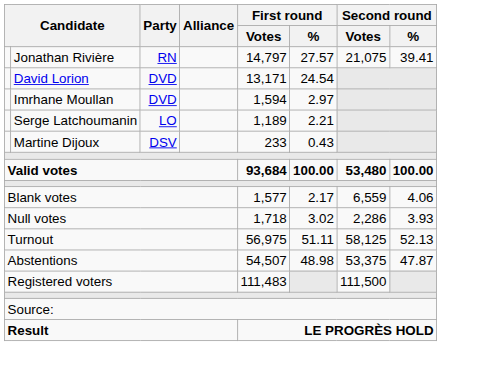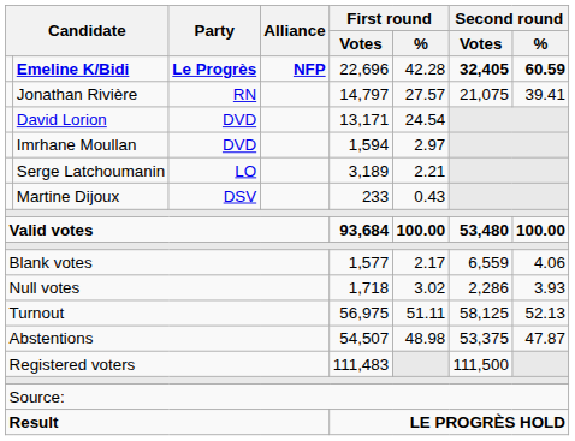 <table class="wikitable" style="text-align:right;font-size:95%;">
 <tr>
 <th colspan="2" rowspan="2">Candidate</th>
 <th colspan="1" rowspan="2">Party</th>
 <th colspan="1" rowspan="2">Alliance</th>
 <th colspan="2">First round</th>
 <th colspan="2">Second round</th>
 </tr>
 <tr>
 <th style="width:50px;">Votes</th>
 <th style="width:45px;">%</th>
 <th style="width:50px;">Votes</th>
 <th style="width:45px;">%</th>
+</tr>
+<tr>
+<td style="color:inherit;background:"></td>
+<td style="text-align:left;"><strong><a href='#'>Emeline K/Bidi</a></strong></td>
+<td><strong><a href='#'>Le Progrès</a></strong></td>
+<td><a href='#'><strong>NFP</strong></a></td>
+<td>22,696</td>
+<td>42.28</td>
+<td><strong>32,405</strong></td>
+<td><strong>60.59</strong></td>
 </tr>
 <tr>
 <td style="color:inherit;background:"></td>
 <td style="text-align:left;">Jonathan Rivière</td>
 <td><a href='#'>RN</a></td>
 <td></td>
 <td>14,797</td>
 <td>27.57</td>
 <td>21,075</td>
 <td>39.41</td>
 </tr>
 <tr>
 <td style="color:inherit;background:"></td>
 <td style="text-align:left;"><a href='#'>David Lorion</a></td>
 <td><a href='#'>DVD</a></td>
 <td></td>
 <td>13,171</td>
 <td>24.54</td>
 <td colspan="2" rowspan="1" style="background:#E9E9E9;"></td>
 </tr>
 <tr>
 <td style="color:inherit;background:"></td>
 <td style="text-align:left;">Imrhane Moullan</td>
 <td><a href='#'>DVD</a></td>
 <td></td>
 <td>1,594</td>
 <td>2.97</td>
 <td colspan="2" rowspan="1" style="background:#E9E9E9;"></td>
 </tr>
 <tr>
 <td style="color:inherit;background:"></td>
 <td style="text-align:left;">Serge Latchoumanin</td>
 <td><a href='#'>LO</a></td>
 <td></td>
-<td>1,189</td>
+<td>3,189</td>
 <td>2.21</td>
 <td colspan="2" rowspan="1" style="background:#E9E9E9;"></td>
 </tr>
 <tr>
 <td style="color:inherit;background:"></td>
 <td style="text-align:left;">Martine Dijoux</td>
 <td><a href='#'>DSV</a></td>
 <td></td>
 <td>233</td>
 <td>0.43</td>
 <td colspan="2" rowspan="1" style="background:#E9E9E9;"></td>
 </tr>
 <tr>
 <td colspan="8" style="background:#E9E9E9;"></td>
 </tr>
 <tr style="font-weight:bold;">
 <td colspan="4" style="text-align:left;">Valid votes</td>
 <td>93,684</td>
 <td>100.00</td>
 <td>53,480</td>
 <td>100.00</td>
 </tr>
 <tr>
 <td colspan="8" style="background:#E9E9E9;"></td>
 </tr>
 <tr>
 <td colspan="4" style="text-align:left;">Blank votes</td>
 <td>1,577</td>
 <td>2.17</td>
 <td>6,559</td>
 <td>4.06</td>
 </tr>
 <tr>
 <td colspan="4" style="text-align:left;">Null votes</td>
 <td>1,718</td>
 <td>3.02</td>
 <td>2,286</td>
 <td>3.93</td>
 </tr>
 <tr>
 <td colspan="4" style="text-align:left;">Turnout</td>
 <td>56,975</td>
 <td>51.11</td>
 <td>58,125</td>
 <td>52.13</td>
 </tr>
 <tr>
 <td colspan="4" style="text-align:left;">Abstentions</td>
 <td>54,507</td>
 <td>48.98</td>
 <td>53,375</td>
 <td>47.87</td>
 </tr>
 <tr>
 <td colspan="4" style="text-align:left;">Registered voters</td>
 <td>111,483</td>
 <td style="background:#E9E9E9;"></td>
 <td>111,500</td>
 <td style="background:#E9E9E9;"></td>
 </tr>
 <tr>
 <td colspan="8" style="background:#E9E9E9;"></td>
 </tr>
 <tr>
 <td colspan="8" style="text-align:left;">Source: </td>
 </tr>
 <tr style="font-weight:bold">
 <td colspan="4" style="text-align:left;">Result</td>
 <td colspan="4" style="background-color:">LE PROGRÈS HOLD</td>
 </tr>
 </table>
